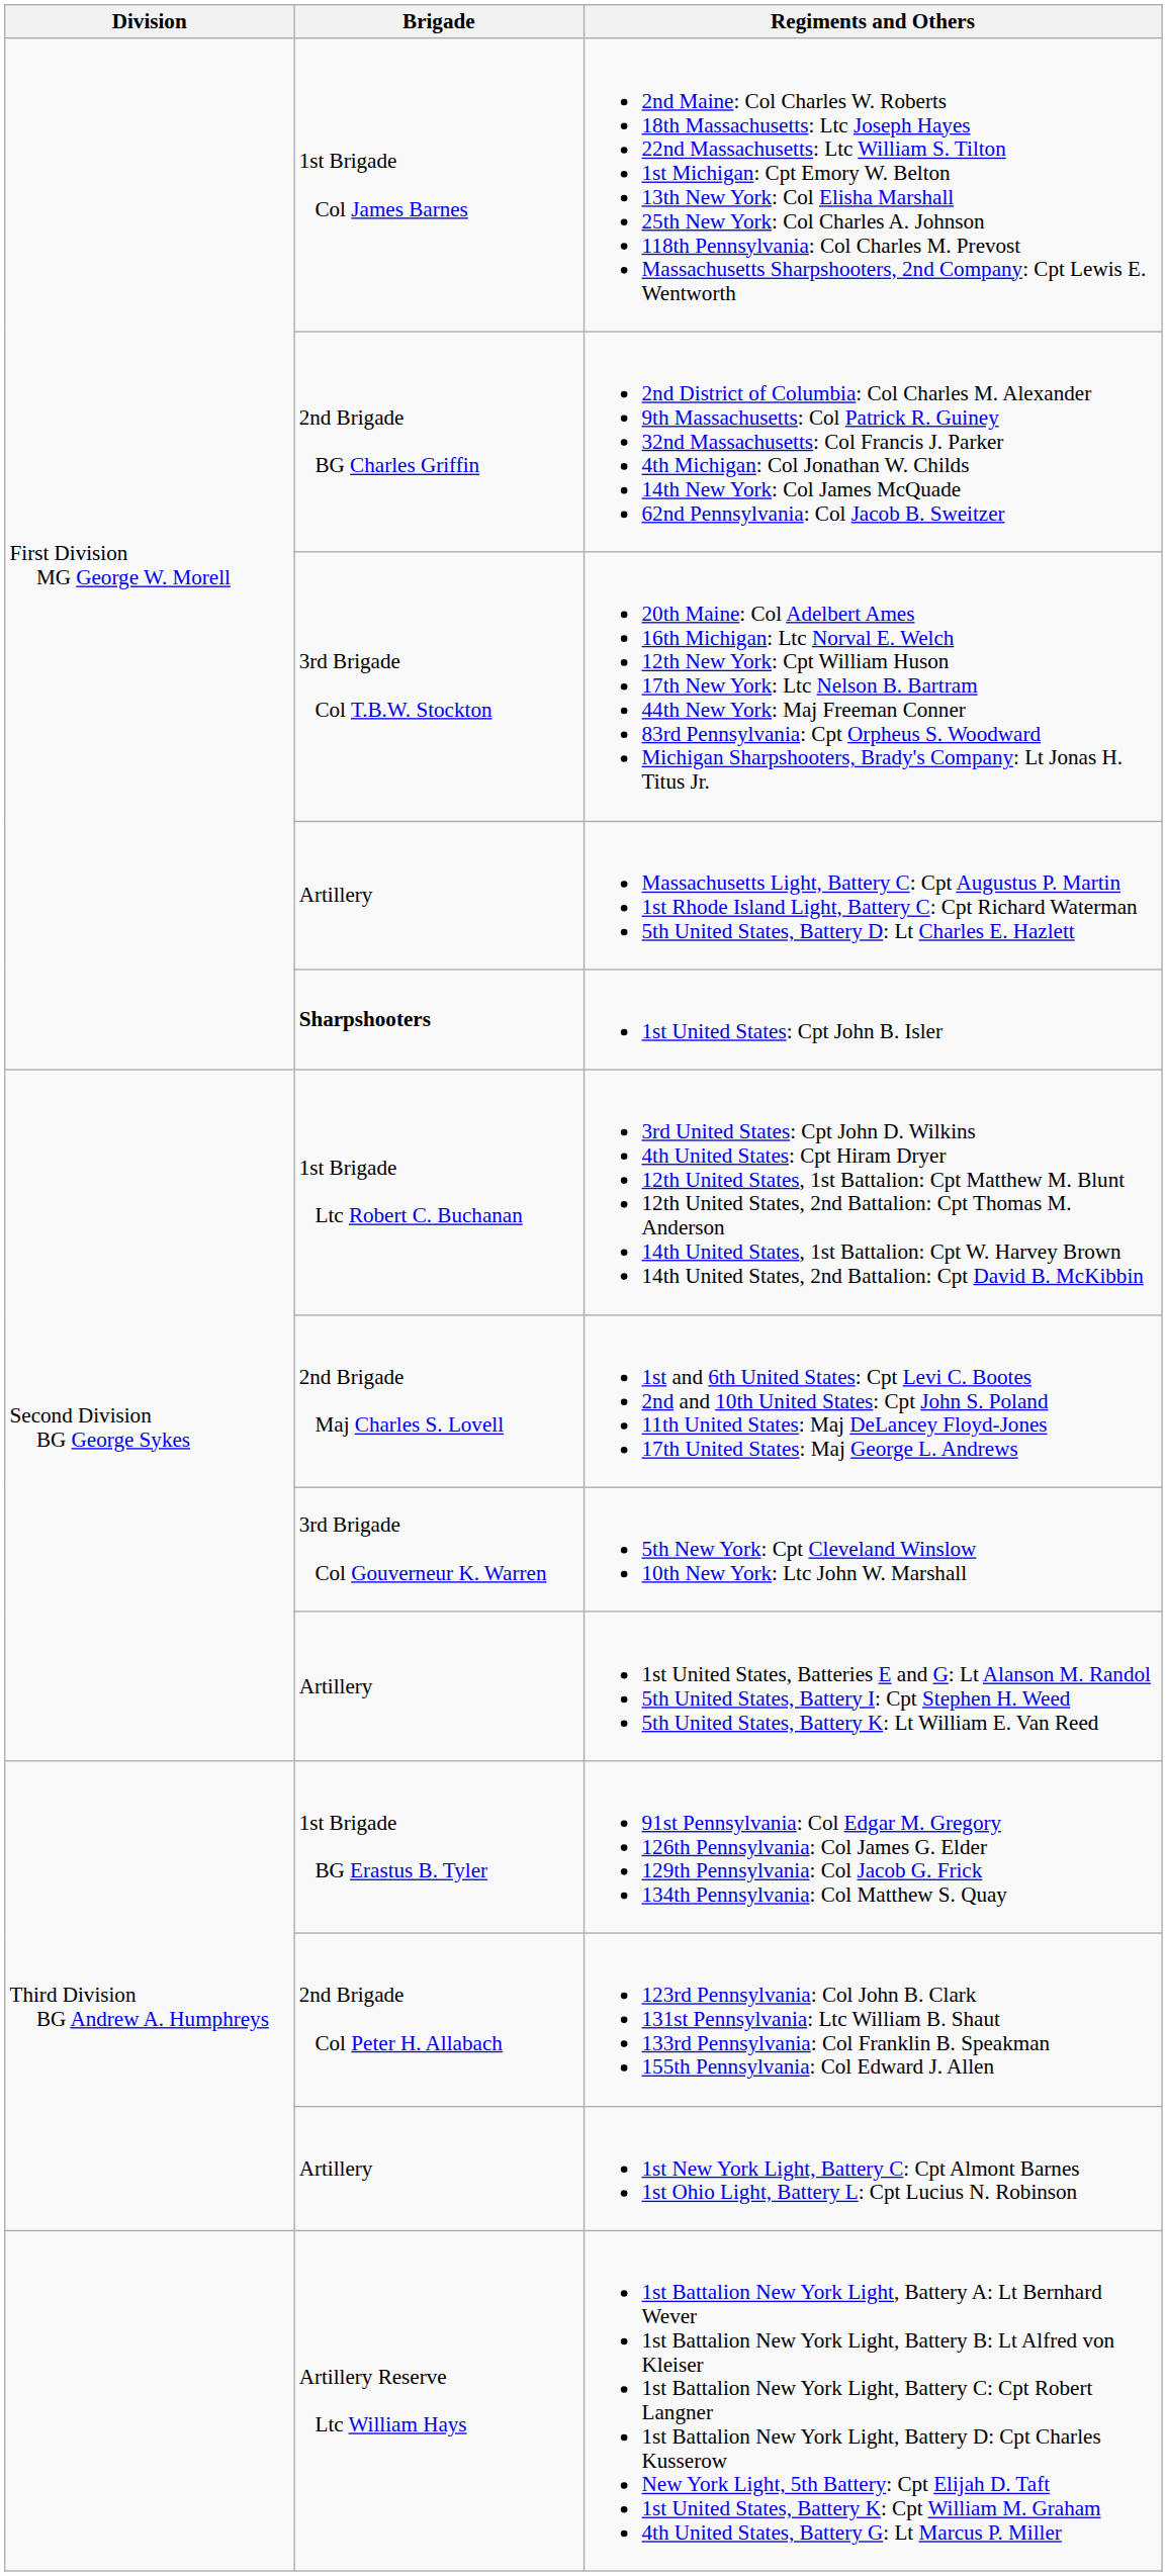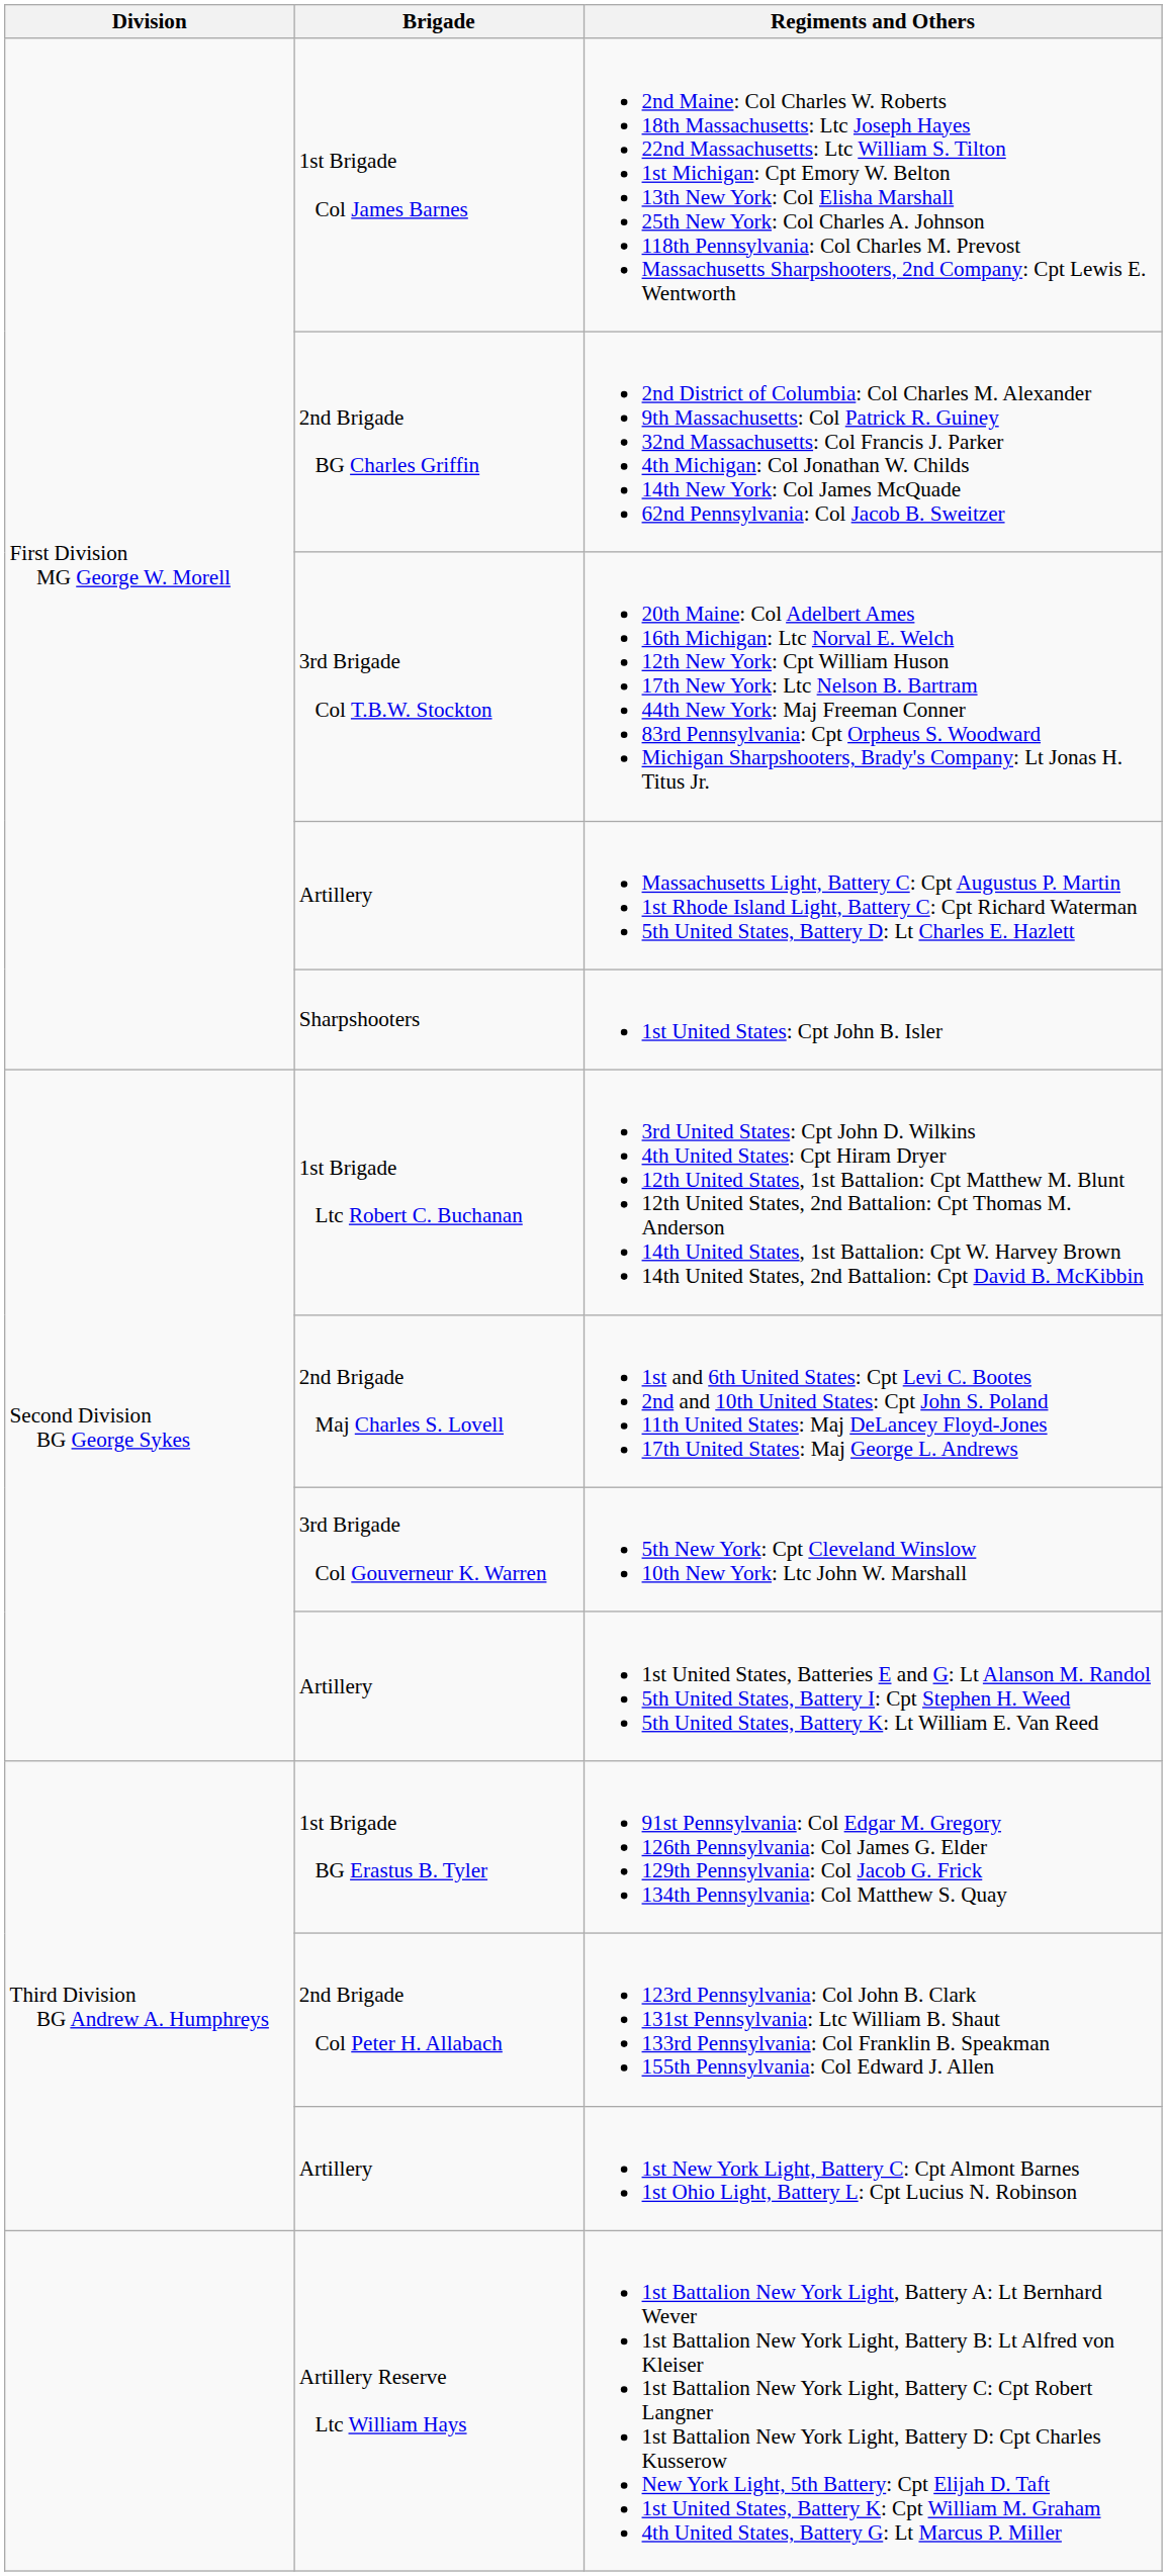 <table class="wikitable">
 <tr>
 <th width=25%>Division</th>
 <th width=25%>Brigade</th>
 <th>Regiments and Others</th>
 </tr>
 <tr>
 <td rowspan=5><br>First Division <br>     MG <a href='#'>George W. Morell</a></td>
 <td>1st Brigade<br><br>   Col <a href='#'>James Barnes</a></td>
 <td><br><ul><li><a href='#'>2nd Maine</a>: Col Charles W. Roberts</li><li><a href='#'>18th Massachusetts</a>: Ltc <a href='#'>Joseph Hayes</a></li><li><a href='#'>22nd Massachusetts</a>: Ltc <a href='#'>William S. Tilton</a></li><li><a href='#'>1st Michigan</a>: Cpt Emory W. Belton</li><li><a href='#'>13th New York</a>: Col <a href='#'>Elisha Marshall</a></li><li><a href='#'>25th New York</a>: Col Charles A. Johnson</li><li><a href='#'>118th Pennsylvania</a>: Col Charles M. Prevost</li><li><a href='#'>Massachusetts Sharpshooters, 2nd Company</a>: Cpt Lewis E. Wentworth</li></ul></td>
 </tr>
 <tr>
 <td>2nd Brigade<br><br>   BG <a href='#'>Charles Griffin</a></td>
 <td><br><ul><li><a href='#'>2nd District of Columbia</a>: Col Charles M. Alexander</li><li><a href='#'>9th Massachusetts</a>: Col <a href='#'>Patrick R. Guiney</a></li><li><a href='#'>32nd Massachusetts</a>: Col Francis J. Parker</li><li><a href='#'>4th Michigan</a>: Col Jonathan W. Childs</li><li><a href='#'>14th New York</a>: Col James McQuade</li><li><a href='#'>62nd Pennsylvania</a>: Col <a href='#'>Jacob B. Sweitzer</a></li></ul></td>
 </tr>
 <tr>
 <td>3rd Brigade<br><br>   Col <a href='#'>T.B.W. Stockton</a></td>
 <td><br><ul><li><a href='#'>20th Maine</a>: Col <a href='#'>Adelbert Ames</a></li><li><a href='#'>16th Michigan</a>: Ltc <a href='#'>Norval E. Welch</a></li><li><a href='#'>12th New York</a>: Cpt William Huson</li><li><a href='#'>17th New York</a>: Ltc <a href='#'>Nelson B. Bartram</a></li><li><a href='#'>44th New York</a>: Maj Freeman Conner</li><li><a href='#'>83rd Pennsylvania</a>: Cpt <a href='#'>Orpheus S. Woodward</a></li><li><a href='#'>Michigan Sharpshooters, Brady's Company</a>: Lt Jonas H. Titus Jr.</li></ul></td>
 </tr>
 <tr>
 <td>Artillery</td>
 <td><br><ul><li><a href='#'>Massachusetts Light, Battery C</a>: Cpt <a href='#'>Augustus P. Martin</a></li><li><a href='#'>1st Rhode Island Light, Battery C</a>: Cpt Richard Waterman</li><li><a href='#'>5th United States, Battery D</a>: Lt <a href='#'>Charles E. Hazlett</a></li></ul></td>
 </tr>
 <tr>
-<td><strong>Sharpshooters</strong></td>
+<td>Sharpshooters</td>
 <td><br><ul><li><a href='#'>1st United States</a>: Cpt John B. Isler</li></ul></td>
 </tr>
 <tr>
 <td rowspan=4><br>Second Division <br>     BG <a href='#'>George Sykes</a></td>
 <td>1st Brigade<br><br>   Ltc <a href='#'>Robert C. Buchanan</a></td>
 <td><br><ul><li><a href='#'>3rd United States</a>: Cpt John D. Wilkins</li><li><a href='#'>4th United States</a>: Cpt Hiram Dryer</li><li><a href='#'>12th United States</a>, 1st Battalion: Cpt Matthew M. Blunt</li><li>12th United States, 2nd Battalion: Cpt Thomas M. Anderson</li><li><a href='#'>14th United States</a>, 1st Battalion: Cpt W. Harvey Brown</li><li>14th United States, 2nd Battalion: Cpt <a href='#'>David B. McKibbin</a></li></ul></td>
 </tr>
 <tr>
 <td>2nd Brigade<br><br>   Maj <a href='#'>Charles S. Lovell</a></td>
 <td><br><ul><li><a href='#'>1st</a> and <a href='#'>6th United States</a>: Cpt <a href='#'>Levi C. Bootes</a></li><li><a href='#'>2nd</a> and <a href='#'>10th United States</a>: Cpt <a href='#'>John S. Poland</a></li><li><a href='#'>11th United States</a>: Maj <a href='#'>DeLancey Floyd-Jones</a></li><li><a href='#'>17th United States</a>: Maj <a href='#'>George L. Andrews</a></li></ul></td>
 </tr>
 <tr>
 <td>3rd Brigade<br><br>   Col <a href='#'>Gouverneur K. Warren</a></td>
 <td><br><ul><li><a href='#'>5th New York</a>: Cpt <a href='#'>Cleveland Winslow</a></li><li><a href='#'>10th New York</a>: Ltc John W. Marshall</li></ul></td>
 </tr>
 <tr>
 <td>Artillery</td>
 <td><br><ul><li>1st United States, Batteries <a href='#'>E</a> and <a href='#'>G</a>: Lt <a href='#'>Alanson M. Randol</a></li><li><a href='#'>5th United States, Battery I</a>: Cpt <a href='#'>Stephen H. Weed</a></li><li><a href='#'>5th United States, Battery K</a>: Lt William E. Van Reed</li></ul></td>
 </tr>
 <tr>
 <td rowspan=3><br>Third Division <br>     BG <a href='#'>Andrew A. Humphreys</a></td>
 <td>1st Brigade<br><br>   BG <a href='#'>Erastus B. Tyler</a></td>
 <td><br><ul><li><a href='#'>91st Pennsylvania</a>: Col <a href='#'>Edgar M. Gregory</a></li><li><a href='#'>126th Pennsylvania</a>: Col James G. Elder</li><li><a href='#'>129th Pennsylvania</a>: Col <a href='#'>Jacob G. Frick</a></li><li><a href='#'>134th Pennsylvania</a>: Col Matthew S. Quay</li></ul></td>
 </tr>
 <tr>
 <td>2nd Brigade<br><br>   Col <a href='#'>Peter H. Allabach</a></td>
 <td><br><ul><li><a href='#'>123rd Pennsylvania</a>: Col John B. Clark</li><li><a href='#'>131st Pennsylvania</a>: Ltc William B. Shaut</li><li><a href='#'>133rd Pennsylvania</a>: Col Franklin B. Speakman</li><li><a href='#'>155th Pennsylvania</a>: Col Edward J. Allen</li></ul></td>
 </tr>
 <tr>
 <td>Artillery</td>
 <td><br><ul><li><a href='#'>1st New York Light, Battery C</a>: Cpt Almont Barnes</li><li><a href='#'>1st Ohio Light, Battery L</a>: Cpt Lucius N. Robinson</li></ul></td>
 </tr>
 <tr>
 <td></td>
 <td>Artillery Reserve<br><br>   Ltc <a href='#'>William Hays</a></td>
 <td><br><ul><li><a href='#'>1st Battalion New York Light</a>, Battery A: Lt Bernhard Wever</li><li>1st Battalion New York Light, Battery B: Lt Alfred von Kleiser</li><li>1st Battalion New York Light, Battery C: Cpt Robert Langner</li><li>1st Battalion New York Light, Battery D: Cpt Charles Kusserow</li><li><a href='#'>New York Light, 5th Battery</a>: Cpt <a href='#'>Elijah D. Taft</a></li><li><a href='#'>1st United States, Battery K</a>: Cpt <a href='#'>William M. Graham</a></li><li><a href='#'>4th United States, Battery G</a>: Lt <a href='#'>Marcus P. Miller</a></li></ul></td>
 </tr>
 </table>
